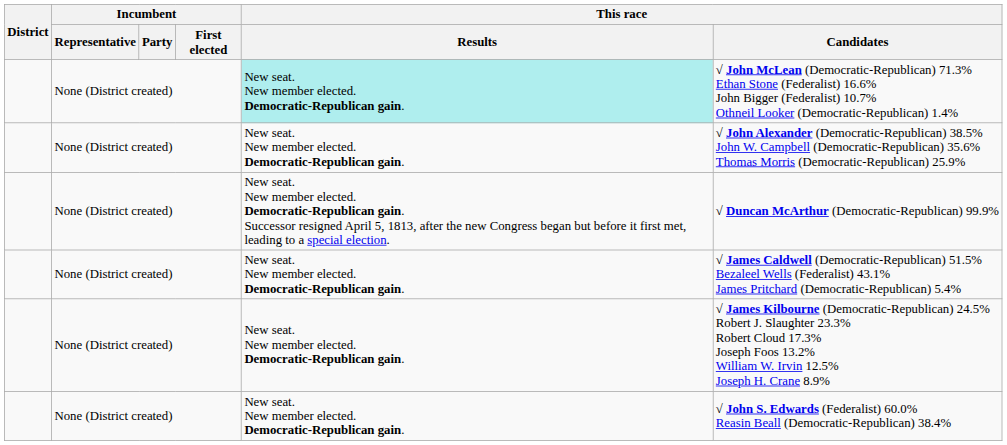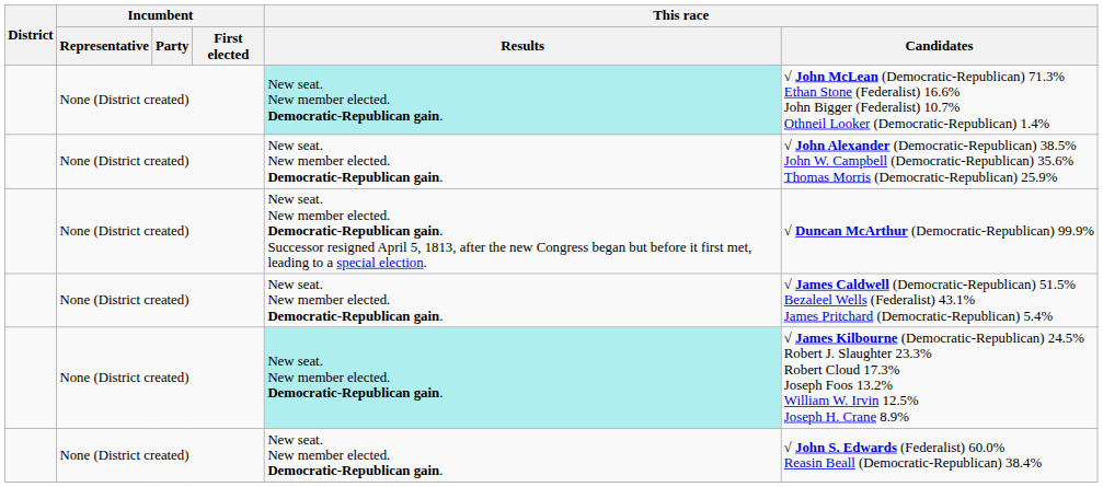 <table class=wikitable>
 <tr>
 <th rowspan=2>District</th>
 <th colspan=3>Incumbent</th>
 <th colspan=2>This race</th>
 </tr>
 <tr>
 <th>Representative</th>
 <th>Party</th>
 <th>First elected</th>
 <th>Results</th>
 <th>Candidates</th>
 </tr>
 <tr>
 <td></td>
 <td colspan=3>None (District created)</td>
 <td style="background: paleturquoise;">New seat.<br>New member elected.<br><strong>Democratic-Republican gain</strong>.</td>
 <td nowrap><strong>√ <a href='#'>John McLean</a></strong> (Democratic-Republican) 71.3%<br><a href='#'>Ethan Stone</a> (Federalist) 16.6%<br>John Bigger (Federalist) 10.7%<br><a href='#'>Othneil Looker</a> (Democratic-Republican) 1.4%</td>
 </tr>
 <tr>
 <td></td>
 <td colspan=3>None (District created)</td>
 <td>New seat.<br>New member elected.<br><strong>Democratic-Republican gain</strong>.</td>
 <td nowrap><strong>√ <a href='#'>John Alexander</a></strong> (Democratic-Republican) 38.5%<br><a href='#'>John W. Campbell</a> (Democratic-Republican) 35.6%<br><a href='#'>Thomas Morris</a> (Democratic-Republican) 25.9%</td>
 </tr>
 <tr>
 <td></td>
 <td colspan=3>None (District created)</td>
 <td>New seat.<br>New member elected.<br><strong>Democratic-Republican gain</strong>.<br>Successor resigned April 5, 1813, after the new Congress began but before it first met, leading to a <a href='#'>special election</a>.</td>
 <td nowrap><strong>√ <a href='#'>Duncan McArthur</a></strong> (Democratic-Republican) 99.9%</td>
 </tr>
 <tr>
 <td></td>
 <td colspan=3>None (District created)</td>
 <td>New seat.<br>New member elected.<br><strong>Democratic-Republican gain</strong>.</td>
 <td nowrap><strong>√ <a href='#'>James Caldwell</a></strong> (Democratic-Republican) 51.5%<br><a href='#'>Bezaleel Wells</a> (Federalist) 43.1%<br><a href='#'>James Pritchard</a> (Democratic-Republican) 5.4%</td>
 </tr>
 <tr>
 <td></td>
 <td colspan=3>None (District created)</td>
-<td>New seat.<br>New member elected.<br><strong>Democratic-Republican gain</strong>.</td>
+<td style="background: paleturquoise;">New seat.<br>New member elected.<br><strong>Democratic-Republican gain</strong>.</td>
 <td nowrap><strong>√ <a href='#'>James Kilbourne</a></strong> (Democratic-Republican) 24.5%<br>Robert J. Slaughter 23.3%<br>Robert Cloud 17.3%<br>Joseph Foos 13.2%<br><a href='#'>William W. Irvin</a> 12.5%<br><a href='#'>Joseph H. Crane</a> 8.9%</td>
 </tr>
 <tr>
 <td></td>
 <td colspan=3>None (District created)</td>
 <td>New seat.<br>New member elected.<br><strong>Democratic-Republican gain</strong>.</td>
 <td nowrap><strong>√ <a href='#'>John S. Edwards</a></strong> (Federalist) 60.0%<br><a href='#'>Reasin Beall</a> (Democratic-Republican) 38.4%</td>
 </tr>
 </table>
